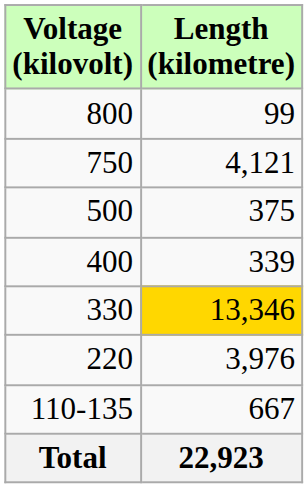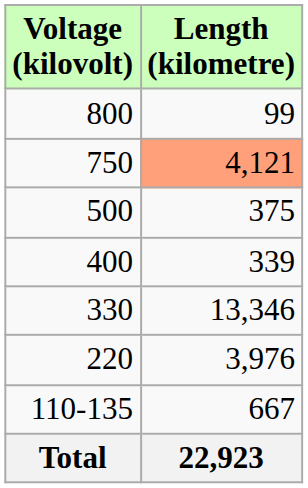 <table class="wikitable floatright"  style="text-align:right; margin-left:10px" align="right" border="1">
 <tr>
 <th style="background-color:#cfb">Voltage<br>(kilovolt)</th>
 <th style="background-color:#cfb">Length<br>(kilometre)</th>
 </tr>
 <tr>
 <td>800</td>
 <td>99</td>
 </tr>
 <tr>
 <td>750</td>
-<td>4,121</td>
+<td style="background: lightsalmon;">4,121</td>
 </tr>
 <tr>
 <td>500</td>
 <td>375</td>
 </tr>
 <tr>
 <td>400</td>
 <td>339</td>
 </tr>
 <tr>
 <td>330</td>
-<td style="background: gold;">13,346</td>
+<td>13,346</td>
 </tr>
 <tr>
 <td>220</td>
 <td>3,976</td>
 </tr>
 <tr>
 <td>110-135</td>
 <td>667</td>
 </tr>
 <tr>
 <th><strong>Total</strong></th>
 <th>22,923</th>
 </tr>
 </table>
